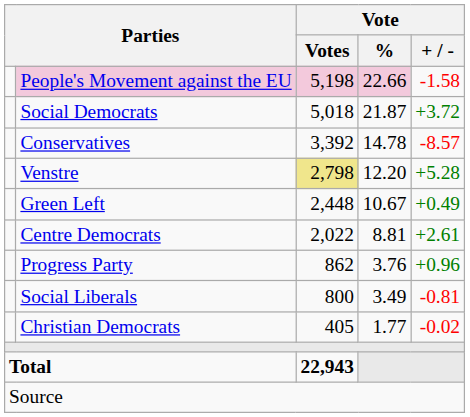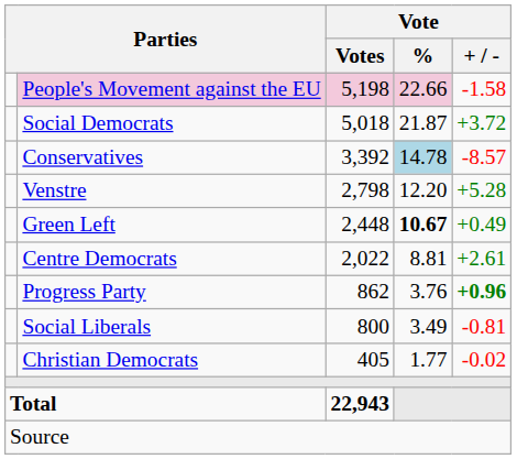 <table class="wikitable" style="text-align:right;">
 <tr>
 <th style="text-align:centre;" rowspan="2" colspan="2" width="225">Parties</th>
 <th colspan="3">Vote</th>
 </tr>
 <tr>
 <th width="15">Votes</th>
 <th width="15">%</th>
 <th width="15">+ / -</th>
 </tr>
 <tr>
 <td width="2" style="color:inherit;background:"></td>
 <td bgcolor=#f3c9dc   align="left"><a href='#'>People's Movement against the EU</a></td>
 <td bgcolor=#f3c9dc>5,198</td>
 <td bgcolor=#f3c9dc>22.66</td>
 <td style=color:red;>-1.58</td>
 </tr>
 <tr>
 <td width="2" style="color:inherit;background:"></td>
 <td align="left"><a href='#'>Social Democrats</a></td>
 <td>5,018</td>
 <td>21.87</td>
 <td style=color:green;>+3.72</td>
 </tr>
 <tr>
 <td width="2" style="color:inherit;background:"></td>
 <td align="left"><a href='#'>Conservatives</a></td>
 <td>3,392</td>
-<td>14.78</td>
+<td style="background: lightblue;">14.78</td>
 <td style=color:red;>-8.57</td>
 </tr>
 <tr>
 <td width="2" style="color:inherit;background:"></td>
 <td align="left"><a href='#'>Venstre</a></td>
-<td style="background: khaki;">2,798</td>
+<td>2,798</td>
 <td>12.20</td>
 <td style=color:green;>+5.28</td>
 </tr>
 <tr>
 <td width="2" style="color:inherit;background:"></td>
 <td align="left"><a href='#'>Green Left</a></td>
 <td>2,448</td>
-<td>10.67</td>
+<td><strong>10.67</strong></td>
 <td style=color:green;>+0.49</td>
 </tr>
 <tr>
 <td width="2" style="color:inherit;background:"></td>
 <td align="left"><a href='#'>Centre Democrats</a></td>
 <td>2,022</td>
 <td>8.81</td>
 <td style=color:green;>+2.61</td>
 </tr>
 <tr>
 <td width="2" style="color:inherit;background:"></td>
 <td align="left"><a href='#'>Progress Party</a></td>
 <td>862</td>
 <td>3.76</td>
-<td style=color:green;>+0.96</td>
+<td style=color:green;><strong>+0.96</strong></td>
 </tr>
 <tr>
 <td width="2" style="color:inherit;background:"></td>
 <td align="left"><a href='#'>Social Liberals</a></td>
 <td>800</td>
 <td>3.49</td>
 <td style=color:red;>-0.81</td>
 </tr>
 <tr>
 <td width="2" style="color:inherit;background:"></td>
 <td align="left"><a href='#'>Christian Democrats</a></td>
 <td>405</td>
 <td>1.77</td>
 <td style=color:red;>-0.02</td>
 </tr>
 <tr>
 <td colspan="7" bgcolor="#E9E9E9"></td>
 </tr>
 <tr>
 <td align="left" colspan="2"><strong>Total</strong></td>
 <td><strong>22,943</strong></td>
 <td bgcolor="#E9E9E9" colspan="2"></td>
 </tr>
 <tr>
 <td align="left" colspan="6">Source</td>
 </tr>
 </table>
